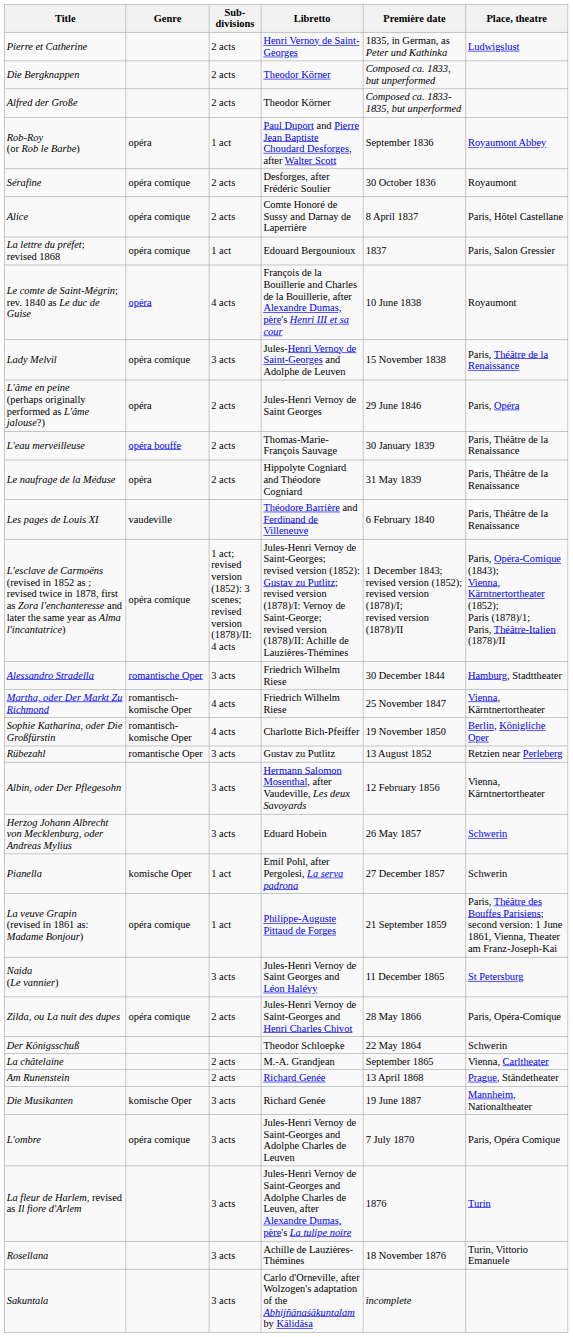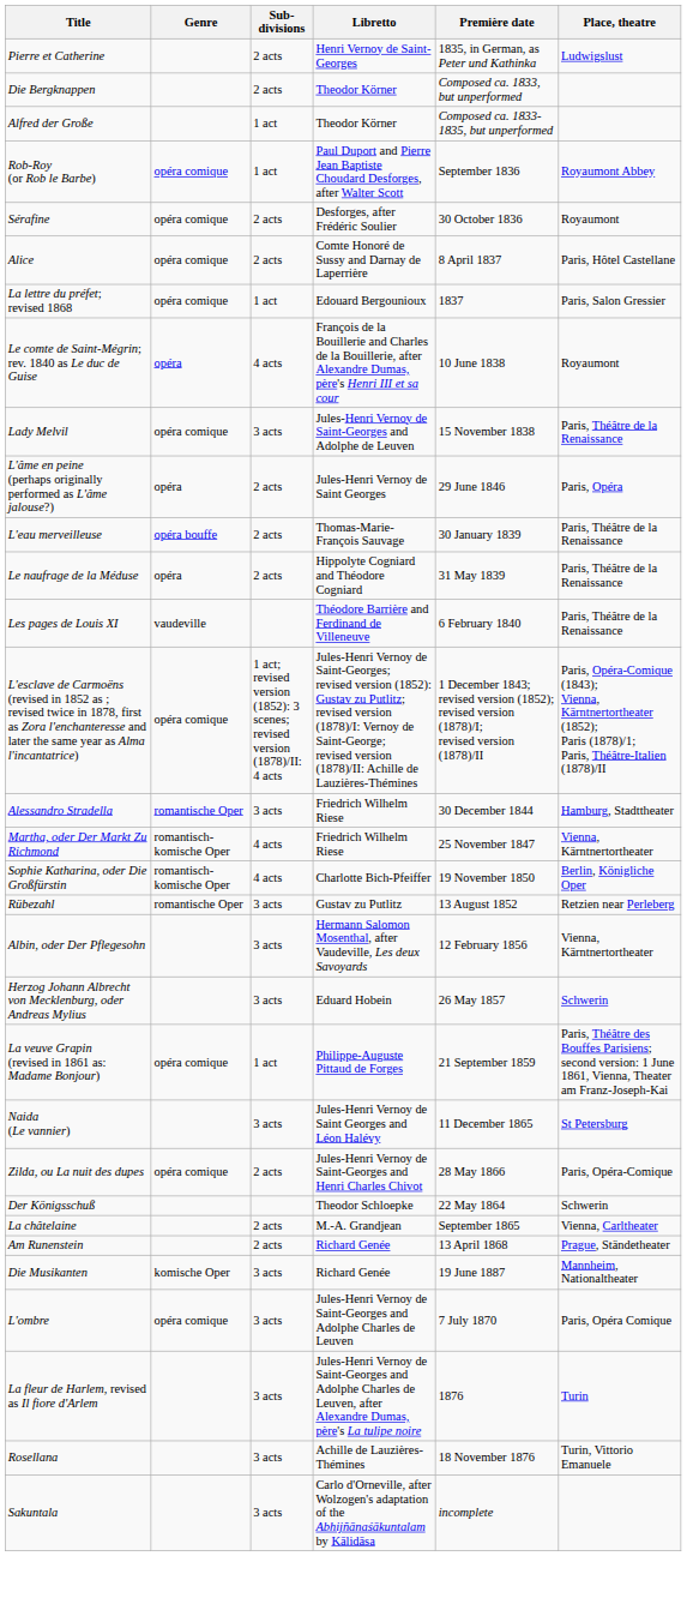 <table class="wikitable sortable">
 <tr>
 <th width="180px">Title</th>
 <th width="120px">Genre</th>
 <th>Sub­divisions</th>
 <th width="150px">Libretto</th>
 <th width="150px">Première date</th>
 <th width="150px">Place, theatre</th>
 </tr>
 <tr>
 <td><em>Pierre et Catherine</em></td>
 <td></td>
 <td>2 acts</td>
 <td><a href='#'>Henri Vernoy de Saint-Georges</a></td>
 <td>1835, in German, as <em>Peter und Kathinka</em></td>
 <td><a href='#'>Ludwigslust</a></td>
 </tr>
 <tr>
 <td><em>Die Bergknappen</em></td>
 <td></td>
 <td>2 acts</td>
 <td><a href='#'>Theodor Körner</a></td>
 <td> <em>Composed ca. 1833, but unperformed</em></td>
 <td></td>
 </tr>
 <tr>
 <td><em>Alfred der Große</em></td>
 <td></td>
-<td>2 acts</td>
+<td>1 act</td>
 <td>Theodor Körner</td>
 <td> <em>Composed ca. 1833-1835, but unperformed</em></td>
 <td></td>
 </tr>
 <tr>
 <td><em>Rob-Roy</em><br>(or <em>Rob le Barbe</em>)</td>
-<td>opéra</td>
+<td><a href='#'>opéra comique</a></td>
 <td>1 act</td>
 <td><a href='#'>Paul Duport</a> and <a href='#'>Pierre Jean Baptiste Choudard Desforges</a>, after <a href='#'>Walter Scott</a></td>
 <td>September 1836</td>
 <td><a href='#'>Royaumont Abbey</a></td>
 </tr>
 <tr>
 <td><em>Sérafine</em></td>
 <td>opéra comique</td>
 <td>2 acts</td>
 <td>Desforges, after Frédéric Soulier</td>
 <td>30 October 1836</td>
 <td>Royaumont</td>
 </tr>
 <tr>
 <td><em>Alice</em></td>
 <td>opéra comique</td>
 <td>2 acts</td>
 <td>Comte Honoré de Sussy and Darnay de Laperrière</td>
 <td>8 April 1837</td>
 <td>Paris, Hôtel Castellane</td>
 </tr>
 <tr>
 <td><em>La lettre du préfet</em>;<br>revised 1868</td>
 <td>opéra comique</td>
 <td>1 act</td>
 <td>Edouard Bergounioux</td>
 <td>1837</td>
 <td>Paris, Salon Gressier</td>
 </tr>
 <tr>
 <td><em>Le comte de Saint-Mégrin</em>;<br>rev. 1840 as <em>Le duc de Guise</em></td>
 <td><a href='#'>opéra</a></td>
 <td>4 acts</td>
 <td>François de la Bouillerie and Charles de la Bouillerie, after <a href='#'>Alexandre Dumas, père</a>'s <em><a href='#'>Henri III et sa cour</a></em></td>
 <td>10 June 1838</td>
 <td>Royaumont</td>
 </tr>
 <tr>
 <td><em>Lady Melvil</em></td>
 <td>opéra comique</td>
 <td>3 acts</td>
 <td>Jules-<a href='#'>Henri Vernoy de Saint-Georges</a> and Adolphe de Leuven</td>
 <td>15 November 1838</td>
 <td>Paris, <a href='#'>Théâtre de la Renaissance</a></td>
 </tr>
 <tr>
 <td><em>L'âme en peine</em><br>(perhaps originally performed as <em>L'âme jalouse</em>?)</td>
 <td>opéra</td>
 <td>2 acts</td>
 <td> Jules-Henri Vernoy de Saint Georges</td>
 <td>29 June 1846</td>
 <td>Paris, <a href='#'>Opéra</a></td>
 </tr>
 <tr>
 <td><em>L'eau merveilleuse</em></td>
 <td><a href='#'>opéra bouffe</a></td>
 <td>2 acts</td>
 <td>Thomas-Marie-François Sauvage</td>
 <td>30 January 1839</td>
 <td>Paris, Théâtre de la Renaissance</td>
 </tr>
 <tr>
 <td><em>Le naufrage de la Méduse</em></td>
 <td>opéra</td>
 <td>2 acts</td>
 <td>Hippolyte Cogniard and Théodore Cogniard</td>
 <td>31 May 1839</td>
 <td>Paris, Théâtre de la Renaissance</td>
 </tr>
 <tr>
 <td><em>Les pages de Louis XI</em></td>
 <td>vaudeville</td>
 <td></td>
 <td><a href='#'>Théodore Barrière</a> and <a href='#'>Ferdinand de Villeneuve</a></td>
 <td>6 February 1840</td>
 <td>Paris, Théâtre de la Renaissance</td>
 </tr>
 <tr>
 <td><em>L'esclave de Carmoëns</em><br>(revised in 1852 as <em></em>;<br>revised twice in 1878, first as <em>Zora l'enchanteresse</em> and later the same year as <em>Alma l'incantatrice</em>)</td>
 <td>opéra comique</td>
 <td>1 act;<br>revised version (1852): 3 scenes;<br>revised version (1878)/II: 4 acts</td>
 <td>Jules-Henri Vernoy de Saint-Georges;<br>revised version (1852): <a href='#'>Gustav zu Putlitz</a>;<br>revised version (1878)/I: Vernoy de Saint-George;<br>revised version (1878)/II: Achille de Lauzières-Thémines</td>
 <td>1 December 1843;<br>revised version (1852);<br>revised version (1878)/I;<br>revised version (1878)/II</td>
 <td>Paris, <a href='#'>Opéra-Comique</a> (1843);<br><a href='#'>Vienna</a>, <a href='#'>Kärntnertortheater</a> (1852);<br>Paris (1878)/1;<br>Paris, <a href='#'>Théâtre-Italien</a> (1878)/II</td>
 </tr>
 <tr>
 <td><em><a href='#'>Alessandro Stradella</a></em></td>
 <td><a href='#'>romantische Oper</a></td>
 <td>3 acts</td>
 <td>Friedrich Wilhelm Riese</td>
 <td>30 December 1844</td>
 <td><a href='#'>Hamburg</a>, Stadttheater</td>
 </tr>
 <tr>
 <td><em><a href='#'>Martha, oder Der Markt Zu Richmond</a></em></td>
 <td>romantisch-komische Oper</td>
 <td>4 acts</td>
 <td>Friedrich Wilhelm Riese</td>
 <td>25 November 1847</td>
 <td><a href='#'>Vienna</a>, Kärntnertortheater</td>
 </tr>
 <tr>
 <td><em>Sophie Katharina, oder Die Großfürstin</em></td>
 <td>romantisch-komische Oper</td>
 <td>4 acts</td>
 <td>Charlotte Bich-Pfeiffer</td>
 <td>19 November 1850</td>
 <td><a href='#'>Berlin</a>, <a href='#'>Königliche Oper</a></td>
 </tr>
 <tr>
 <td><em>Rübezahl</em></td>
 <td>romantische Oper</td>
 <td>3 acts</td>
 <td>Gustav zu Putlitz</td>
 <td>13 August 1852</td>
 <td>Retzien near <a href='#'>Perleberg</a></td>
 </tr>
 <tr>
 <td><em>Albin, oder Der Pflegesohn</em></td>
 <td></td>
 <td>3 acts</td>
 <td><a href='#'>Hermann Salomon Mosenthal</a>, after Vaudeville, <em>Les deux Savoyards</em></td>
 <td>12 February 1856</td>
 <td>Vienna, Kärntnertortheater</td>
 </tr>
 <tr>
 <td><em>Herzog Johann Albrecht von Mecklenburg, oder Andreas Mylius</em></td>
 <td></td>
 <td>3 acts</td>
 <td>Eduard Hobein</td>
 <td>26 May 1857</td>
 <td><a href='#'>Schwerin</a></td>
 </tr>
 <tr>
-<td><em>Pianella</em></td>
-<td>komische Oper</td>
-<td>1 act</td>
-<td>Emil Pohl, after Pergolesi, <em><a href='#'>La serva padrona</a></em></td>
-<td>27 December 1857</td>
-<td>Schwerin</td>
-</tr>
-<tr>
 <td><em>La veuve Grapin</em><br>(revised in 1861 as: <em>Madame Bonjour</em>)</td>
 <td>opéra comique</td>
 <td>1 act</td>
 <td><a href='#'>Philippe-Auguste Pittaud de Forges</a></td>
 <td>21 September 1859</td>
 <td>Paris, <a href='#'>Théâtre des Bouffes Parisiens</a>;<br>second version: 1 June 1861, Vienna, Theater am Franz-Joseph-Kai</td>
 </tr>
 <tr>
 <td><em>Naida</em><br>(<em>Le vannier</em>)</td>
 <td></td>
 <td>3 acts</td>
 <td>Jules-Henri Vernoy de Saint Georges and <a href='#'>Léon Halévy</a></td>
 <td> 11 December 1865</td>
 <td><a href='#'>St Petersburg</a></td>
 </tr>
 <tr>
 <td><em>Zilda, ou La nuit des dupes</em></td>
 <td>opéra comique</td>
 <td>2 acts</td>
 <td>Jules-Henri Vernoy de Saint-Georges and <a href='#'>Henri Charles Chivot</a></td>
 <td>28 May 1866</td>
 <td>Paris, Opéra-Comique</td>
 </tr>
 <tr>
 <td><em>Der Königsschuß</em></td>
 <td></td>
 <td></td>
 <td>Theodor Schloepke</td>
 <td>22 May 1864</td>
 <td>Schwerin</td>
 </tr>
 <tr>
 <td><em>La châtelaine</em></td>
 <td></td>
 <td>2 acts</td>
 <td>M.-A. Grandjean</td>
 <td>September 1865</td>
 <td>Vienna, <a href='#'>Carltheater</a></td>
 </tr>
 <tr>
 <td><em>Am Runenstein</em></td>
 <td></td>
 <td>2 acts</td>
 <td><a href='#'>Richard Genée</a></td>
 <td>13 April 1868</td>
 <td><a href='#'>Prague</a>, Ständetheater</td>
 </tr>
 <tr>
 <td><em>Die Musikanten</em></td>
 <td>komische Oper</td>
 <td>3 acts</td>
 <td>Richard Genée</td>
 <td>19 June 1887</td>
 <td><a href='#'>Mannheim</a>, Nationaltheater</td>
 </tr>
 <tr>
 <td><em>L'ombre</em></td>
 <td>opéra comique</td>
 <td>3 acts</td>
 <td> Jules-Henri Vernoy de Saint-Georges and Adolphe Charles de Leuven</td>
 <td>7 July 1870</td>
 <td>Paris, Opéra Comique</td>
 </tr>
 <tr>
 <td><em>La fleur de Harlem</em>, revised as <em>Il fiore d'Arlem</em></td>
 <td></td>
 <td>3 acts</td>
 <td>Jules-Henri Vernoy de Saint-Georges and Adolphe Charles de Leuven, after <a href='#'>Alexandre Dumas, père</a>'s <em><a href='#'>La tulipe noire</a></em></td>
 <td>1876</td>
 <td><a href='#'>Turin</a></td>
 </tr>
 <tr>
 <td><em>Rosellana</em></td>
 <td></td>
 <td>3 acts</td>
 <td> Achille de Lauzières-Thémines</td>
 <td>18 November 1876</td>
 <td>Turin, Vittorio Emanuele</td>
 </tr>
 <tr>
 <td><em>Sakuntala</em></td>
 <td></td>
 <td>3 acts</td>
 <td>Carlo d'Orneville, after Wolzogen's adaptation of the <em><a href='#'>Abhijñānaśākuntalam</a></em> by <a href='#'>Kālidāsa</a></td>
 <td><em>incomplete</em></td>
 <td></td>
 </tr>
 </table>
